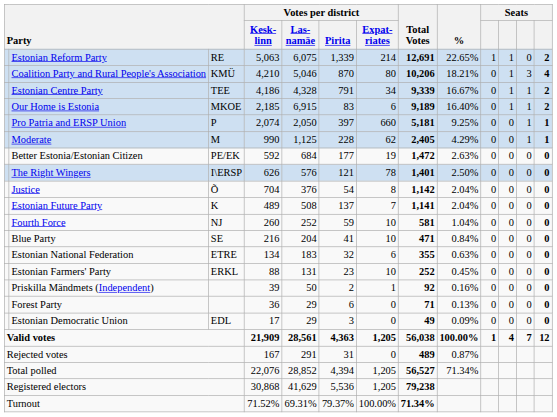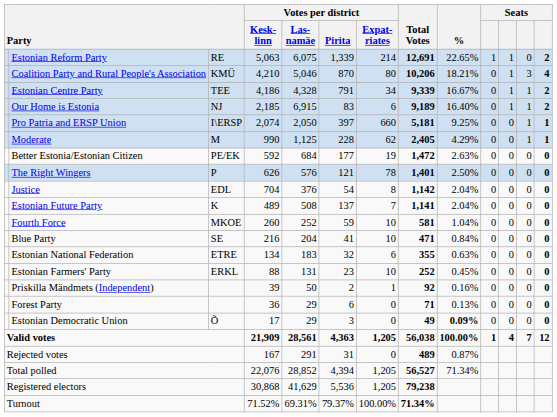 <table class="wikitable" border="1" style="text-align:right;">
 <tr>
 <th style="text-align:left;" valign=bottom rowspan=2 colspan=3>Party</th>
 <th colspan=4>Votes per district</th>
 <th align=center valign=bottom rowspan=2 width="50">Total Votes</th>
 <th align=center valign=bottom rowspan=2 width="50">%</th>
 <th colspan=4>Seats</th>
 </tr>
 <tr>
 <th align=center valign=bottom width="50"><a href='#'>Kesk- linn</a></th>
 <th align=center valign=bottom width="50"><a href='#'>Las- namäe</a></th>
 <th align=center valign=bottom width="50"><a href='#'>Pirita</a></th>
 <th align=center valign=bottom width="50"><a href='#'>Expat- riates</a></th>
 <th align=center valign=bottom width="20"><small></small></th>
 <th align=center valign=bottom width="20"><small></small></th>
 <th align=center valign=bottom width="20"><small></small></th>
 <th align=center valign=bottom width="20"><small></small></th>
 </tr>
 <tr style="background:#CEE0F2;">
 <td style="background:"></td>
 <td align=left><a href='#'>Estonian Reform Party</a></td>
 <td align=left>RE</td>
 <td>5,063</td>
 <td>6,075</td>
 <td>1,339</td>
 <td>214</td>
 <td><strong>12,691</strong></td>
 <td>22.65%</td>
 <td>1</td>
 <td>1</td>
 <td>0</td>
 <td><strong>2</strong></td>
 </tr>
 <tr style="background:#CEE0F2;">
 <td style="background:"></td>
 <td align=left><a href='#'>Coalition Party and Rural People's Association</a></td>
 <td align=left>KMÜ</td>
 <td>4,210</td>
 <td>5,046</td>
 <td>870</td>
 <td>80</td>
 <td><strong>10,206</strong></td>
 <td>18.21%</td>
 <td>0</td>
 <td>1</td>
 <td>3</td>
 <td><strong>4</strong></td>
 </tr>
 <tr style="background:#CEE0F2;">
 <td style="background:"></td>
 <td align=left><a href='#'>Estonian Centre Party</a></td>
 <td align=left>TEE</td>
 <td>4,186</td>
 <td>4,328</td>
 <td>791</td>
 <td>34</td>
 <td><strong>9,339</strong></td>
 <td>16.67%</td>
 <td>0</td>
 <td>1</td>
 <td>1</td>
 <td><strong>2</strong></td>
 </tr>
 <tr style="background:#CEE0F2;">
 <td style="background:"></td>
 <td align=left><a href='#'>Our Home is Estonia</a></td>
-<td align=left>MKOE</td>
+<td align=left>NJ</td>
 <td>2,185</td>
 <td>6,915</td>
 <td>83</td>
 <td>6</td>
 <td><strong>9,189</strong></td>
 <td>16.40%</td>
 <td>0</td>
 <td>1</td>
 <td>1</td>
 <td><strong>2</strong></td>
 </tr>
 <tr style="background:#CEE0F2;">
 <td style="background:"></td>
 <td align=left><a href='#'>Pro Patria and ERSP Union</a></td>
-<td align=left>P</td>
+<td align=left>I\ERSP</td>
 <td>2,074</td>
 <td>2,050</td>
 <td>397</td>
 <td>660</td>
 <td><strong>5,181</strong></td>
 <td>9.25%</td>
 <td>0</td>
 <td>0</td>
 <td>1</td>
 <td><strong>1</strong></td>
 </tr>
 <tr style="background:#CEE0F2;">
 <td style="background:"></td>
 <td align=left><a href='#'>Moderate</a></td>
 <td align=left>M</td>
 <td>990</td>
 <td>1,125</td>
 <td>228</td>
 <td>62</td>
 <td><strong>2,405</strong></td>
 <td>4.29%</td>
 <td>0</td>
 <td>0</td>
 <td>1</td>
 <td><strong>1</strong></td>
 </tr>
 <tr>
 <td></td>
 <td align=left>Better Estonia/Estonian Citizen</td>
 <td align=left>PE/EK</td>
 <td>592</td>
 <td>684</td>
 <td>177</td>
 <td>19</td>
 <td><strong>1,472</strong></td>
 <td>2.63%</td>
 <td>0</td>
 <td>0</td>
 <td>0</td>
 <td><strong>0</strong></td>
 </tr>
 <tr style="background:#CEE0F2;">
 <td></td>
 <td align=left><a href='#'>The Right Wingers</a></td>
-<td align=left>I\ERSP</td>
+<td align=left>P</td>
 <td>626</td>
 <td>576</td>
 <td>121</td>
 <td>78</td>
 <td><strong>1,401</strong></td>
 <td>2.50%</td>
 <td>0</td>
 <td>0</td>
 <td>0</td>
 <td><strong>0</strong></td>
 </tr>
 <tr>
 <td style="background:"></td>
 <td align=left><a href='#'>Justice</a></td>
-<td align=left>Õ</td>
+<td align=left>EDL</td>
 <td>704</td>
 <td>376</td>
 <td>54</td>
 <td>8</td>
 <td><strong>1,142</strong></td>
 <td>2.04%</td>
 <td>0</td>
 <td>0</td>
 <td>0</td>
 <td><strong>0</strong></td>
 </tr>
 <tr>
 <td style="background:"></td>
 <td align=left><a href='#'>Estonian Future Party</a></td>
 <td align=left>K</td>
 <td>489</td>
 <td>508</td>
 <td>137</td>
 <td>7</td>
 <td><strong>1,141</strong></td>
 <td>2.04%</td>
 <td>0</td>
 <td>0</td>
 <td>0</td>
 <td><strong>0</strong></td>
 </tr>
 <tr>
 <td style="background:"></td>
 <td align=left><a href='#'>Fourth Force</a></td>
-<td align=left>NJ</td>
+<td align=left>MKOE</td>
 <td>260</td>
 <td>252</td>
 <td>59</td>
 <td>10</td>
 <td><strong>581</strong></td>
 <td>1.04%</td>
 <td>0</td>
 <td>0</td>
 <td>0</td>
 <td><strong>0</strong></td>
 </tr>
 <tr>
 <td></td>
 <td align=left>Blue Party</td>
 <td align=left>SE</td>
 <td>216</td>
 <td>204</td>
 <td>41</td>
 <td>10</td>
 <td><strong>471</strong></td>
 <td>0.84%</td>
 <td>0</td>
 <td>0</td>
 <td>0</td>
 <td><strong>0</strong></td>
 </tr>
 <tr>
 <td></td>
 <td align=left>Estonian National Federation</td>
 <td align=left>ETRE</td>
 <td>134</td>
 <td>183</td>
 <td>32</td>
 <td>6</td>
 <td><strong>355</strong></td>
 <td>0.63%</td>
 <td>0</td>
 <td>0</td>
 <td>0</td>
 <td><strong>0</strong></td>
 </tr>
 <tr>
 <td></td>
 <td align=left>Estonian Farmers' Party</td>
 <td align=left>ERKL</td>
 <td>88</td>
 <td>131</td>
 <td>23</td>
 <td>10</td>
 <td><strong>252</strong></td>
 <td>0.45%</td>
 <td>0</td>
 <td>0</td>
 <td>0</td>
 <td><strong>0</strong></td>
 </tr>
 <tr>
 <td style="background:"></td>
 <td align=left>Priskilla Mändmets (<a href='#'>Independent</a>)</td>
 <td></td>
 <td>39</td>
 <td>50</td>
 <td>2</td>
 <td>1</td>
 <td><strong>92</strong></td>
 <td>0.16%</td>
 <td>0</td>
 <td>0</td>
 <td>0</td>
 <td><strong>0</strong></td>
 </tr>
 <tr>
 <td></td>
 <td align=left>Forest Party</td>
 <td></td>
 <td>36</td>
 <td>29</td>
 <td>6</td>
 <td>0</td>
 <td><strong>71</strong></td>
 <td>0.13%</td>
 <td>0</td>
 <td>0</td>
 <td>0</td>
 <td><strong>0</strong></td>
 </tr>
 <tr>
 <td></td>
 <td align=left>Estonian Democratic Union</td>
-<td align=left>EDL</td>
+<td align=left>Õ</td>
 <td>17</td>
 <td>29</td>
 <td>3</td>
 <td>0</td>
 <td><strong>49</strong></td>
-<td>0.09%</td>
+<td><strong>0.09%</strong></td>
 <td>0</td>
 <td>0</td>
 <td>0</td>
 <td><strong>0</strong></td>
 </tr>
 <tr style="font-weight:bold">
 <td align=left colspan=3>Valid votes</td>
 <td>21,909</td>
 <td>28,561</td>
 <td>4,363</td>
 <td>1,205</td>
 <td>56,038</td>
 <td>100.00%</td>
 <td>1</td>
 <td>4</td>
 <td>7</td>
 <td>12</td>
 </tr>
 <tr>
 <td align=left colspan=3>Rejected votes</td>
 <td>167</td>
 <td>291</td>
 <td>31</td>
 <td>0</td>
 <td><strong>489</strong></td>
 <td>0.87%</td>
 <td></td>
 <td></td>
 <td></td>
 <td></td>
 </tr>
 <tr>
 <td align=left colspan=3>Total polled</td>
 <td>22,076</td>
 <td>28,852</td>
 <td>4,394</td>
 <td>1,205</td>
 <td><strong>56,527</strong></td>
 <td>71.34%</td>
 <td></td>
 <td></td>
 <td></td>
 <td></td>
 </tr>
 <tr>
 <td align=left colspan=3>Registered electors</td>
 <td>30,868</td>
 <td>41,629</td>
 <td>5,536</td>
 <td>1,205</td>
 <td><strong>79,238</strong></td>
 <td></td>
 <td></td>
 <td></td>
 <td></td>
 <td></td>
 </tr>
 <tr>
 <td align=left colspan=3>Turnout</td>
 <td>71.52%</td>
 <td>69.31%</td>
 <td>79.37%</td>
 <td>100.00%</td>
 <td><strong>71.34%</strong></td>
 <td></td>
 <td></td>
 <td></td>
 <td></td>
 <td></td>
 </tr>
 </table>
